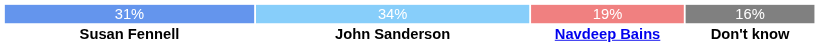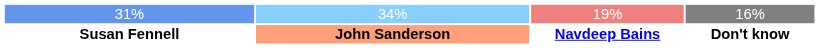 <table style="width:100%; text-align:center;">
 <tr style="color:white;">
 <td style="background:cornflowerblue; width:31%;">31%</td>
 <td style="background:lightskyblue; width:34%;">34%</td>
 <td style="background:lightcoral; width:19%;">19%</td>
 <td style="background:gray; width:16%;">16%</td>
 </tr>
 <tr>
 <td><span><strong>Susan Fennell</strong></span></td>
-<td><span><strong>John Sanderson</strong></span></td>
+<td style="background: lightsalmon;"><span><strong>John Sanderson</strong></span></td>
 <td><span><strong><a href='#'>Navdeep Bains</a></strong></span></td>
 <td><span><strong>Don't know</strong></span></td>
 </tr>
 </table>
